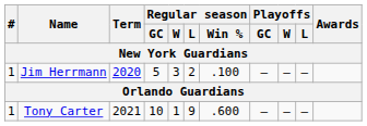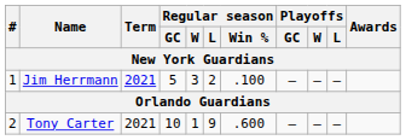 <table class="wikitable" style="text-align:center">
 <tr>
 <th rowspan="2">#</th>
 <th rowspan="2">Name</th>
 <th rowspan="2">Term</th>
 <th colspan="4">Regular season</th>
 <th colspan="3">Playoffs</th>
 <th rowspan="2">Awards</th>
 </tr>
 <tr>
 <th>GC</th>
 <th>W</th>
 <th>L</th>
 <th>Win %</th>
 <th>GC</th>
 <th>W</th>
 <th>L</th>
 </tr>
 <tr>
 <th colspan="11">New York Guardians</th>
 </tr>
 <tr>
 <td>1</td>
 <td><a href='#'>Jim Herrmann</a></td>
-<td><a href='#'>2020</a></td>
+<td><a href='#'>2021</a></td>
 <td>5</td>
 <td>3</td>
 <td>2</td>
 <td>.100</td>
 <td>–</td>
 <td>–</td>
 <td>–</td>
 <td></td>
 </tr>
 <tr>
 <th colspan="11">Orlando Guardians</th>
 </tr>
 <tr>
-<td>1</td>
+<td>2</td>
 <td><a href='#'>Tony Carter</a></td>
 <td>2021</td>
 <td>10</td>
 <td>1</td>
 <td>9</td>
 <td>.600</td>
 <td>–</td>
 <td>–</td>
 <td>–</td>
 <td></td>
 </tr>
 </table>
